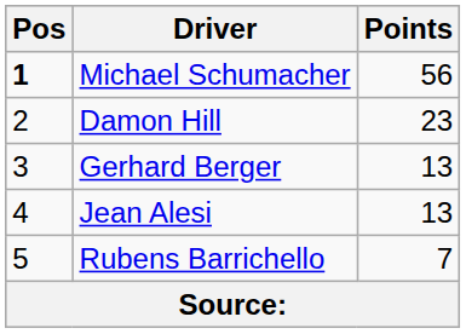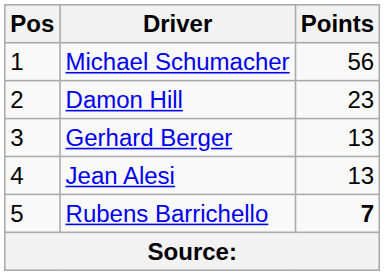 <table class="wikitable" style="font-size: 95%;">
 <tr>
 <th>Pos</th>
 <th>Driver</th>
 <th>Points</th>
 </tr>
 <tr>
-<td><strong>1</strong></td>
+<td>1</td>
 <td> <a href='#'>Michael Schumacher</a></td>
 <td align="right">56</td>
 </tr>
 <tr>
 <td>2</td>
 <td> <a href='#'>Damon Hill</a></td>
 <td align="right">23</td>
 </tr>
 <tr>
 <td>3</td>
 <td> <a href='#'>Gerhard Berger</a></td>
 <td align="right">13</td>
 </tr>
 <tr>
 <td>4</td>
 <td> <a href='#'>Jean Alesi</a></td>
 <td align="right">13</td>
 </tr>
 <tr>
 <td>5</td>
 <td> <a href='#'>Rubens Barrichello</a></td>
-<td align="right">7</td>
+<td align="right"><strong>7</strong></td>
 </tr>
 <tr>
 <th colspan=4>Source: </th>
 </tr>
 </table>
